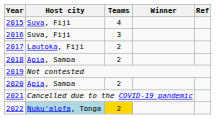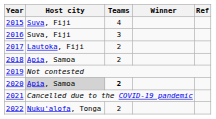 <table class="wikitable" style="font-size:90%; text-align:center;">
 <tr>
 <th>Year</th>
 <th style="width:10.5em;">Host city</th>
 <th style="padding:2px;">Teams</th>
 <th style="width:8.05em;">Winner</th>
 <th style="padding:2px;">Ref</th>
 </tr>
 <tr>
 <td><a href='#'>2015</a></td>
 <td align=left><a href='#'>Suva</a>, Fiji</td>
 <td>4</td>
 <td align=left></td>
 <td></td>
 </tr>
 <tr>
 <td><a href='#'>2016</a></td>
 <td align=left>Suva, Fiji</td>
 <td>3</td>
 <td align=left></td>
 <td></td>
 </tr>
 <tr>
 <td><a href='#'>2017</a></td>
 <td align=left><a href='#'>Lautoka</a>, Fiji</td>
 <td>2</td>
 <td align=left></td>
 <td></td>
 </tr>
 <tr>
 <td><a href='#'>2018</a></td>
 <td align=left><a href='#'>Apia</a>, Samoa</td>
 <td>2</td>
 <td align=left></td>
 <td></td>
 </tr>
 <tr>
 <td><a href='#'>2019</a></td>
 <td colspan=4 style="text-align:left;"><em>Not contested</em></td>
 </tr>
 <tr>
 <td><a href='#'>2020</a></td>
-<td align=left><a href='#'>Apia</a>, Samoa</td>
-<td>2</td>
+<td align=left style="background: lightgrey;"><a href='#'>Apia</a>, Samoa</td>
+<td><strong>2</strong></td>
 <td align=left></td>
 <td></td>
 </tr>
 <tr>
 <td><a href='#'>2021</a></td>
 <td colspan=3 style="text-align:left;"><em>Cancelled due to the <a href='#'>COVID-19 pandemic</a></em></td>
 <td></td>
 </tr>
 <tr>
 <td><a href='#'>2022</a></td>
-<td align=left style="background: lightblue;"><a href='#'>Nuku'alofa</a>, Tonga</td>
-<td style="background: gold;">2</td>
+<td align=left><a href='#'>Nuku'alofa</a>, Tonga</td>
+<td>2</td>
 <td align=left></td>
 <td></td>
 </tr>
 </table>
